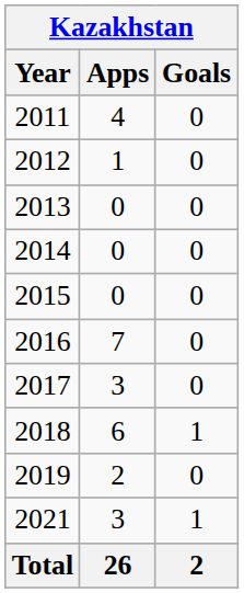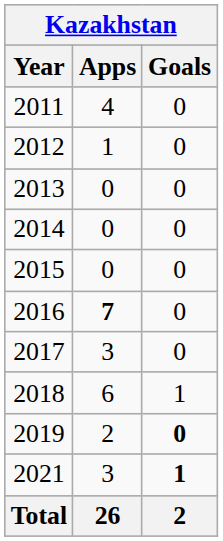 <table class="wikitable" style="text-align:center">
 <tr>
 <th colspan=3><a href='#'>Kazakhstan</a></th>
 </tr>
 <tr>
 <th>Year</th>
 <th>Apps</th>
 <th>Goals</th>
 </tr>
 <tr>
 <td>2011</td>
 <td>4</td>
 <td>0</td>
 </tr>
 <tr>
 <td>2012</td>
 <td>1</td>
 <td>0</td>
 </tr>
 <tr>
 <td>2013</td>
 <td>0</td>
 <td>0</td>
 </tr>
 <tr>
 <td>2014</td>
 <td>0</td>
 <td>0</td>
 </tr>
 <tr>
 <td>2015</td>
 <td>0</td>
 <td>0</td>
 </tr>
 <tr>
 <td>2016</td>
-<td>7</td>
+<td><strong>7</strong></td>
 <td>0</td>
 </tr>
 <tr>
 <td>2017</td>
 <td>3</td>
 <td>0</td>
 </tr>
 <tr>
 <td>2018</td>
 <td>6</td>
 <td>1</td>
 </tr>
 <tr>
 <td>2019</td>
 <td>2</td>
-<td>0</td>
+<td><strong>0</strong></td>
 </tr>
 <tr>
 <td>2021</td>
 <td>3</td>
-<td>1</td>
+<td><strong>1</strong></td>
 </tr>
 <tr>
 <th>Total</th>
 <th>26</th>
 <th>2</th>
 </tr>
 </table>
